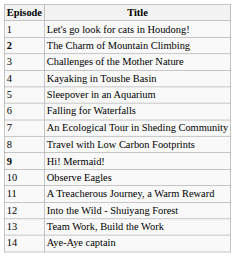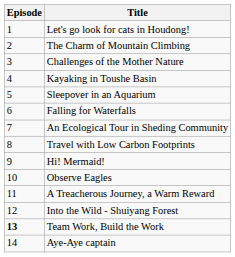 <table class="wikitable">
 <tr>
 <th>Episode</th>
 <th>Title</th>
 </tr>
 <tr>
 <td>1</td>
 <td>Let's go look for cats in Houdong!</td>
 </tr>
 <tr>
-<td><strong>2</strong></td>
+<td>2</td>
 <td>The Charm of Mountain Climbing</td>
 </tr>
 <tr>
 <td>3</td>
 <td>Challenges of the Mother Nature</td>
 </tr>
 <tr>
 <td>4</td>
 <td>Kayaking in Toushe Basin</td>
 </tr>
 <tr>
 <td>5</td>
 <td>Sleepover in an Aquarium</td>
 </tr>
 <tr>
 <td>6</td>
 <td>Falling for Waterfalls</td>
 </tr>
 <tr>
 <td>7</td>
 <td>An Ecological Tour in Sheding Community</td>
 </tr>
 <tr>
 <td>8</td>
 <td>Travel with  Low Carbon Footprints</td>
 </tr>
 <tr>
-<td><strong>9</strong></td>
+<td>9</td>
 <td>Hi! Mermaid!</td>
 </tr>
 <tr>
 <td>10</td>
 <td>Observe Eagles</td>
 </tr>
 <tr>
 <td>11</td>
 <td>A Treacherous Journey, a Warm Reward</td>
 </tr>
 <tr>
 <td>12</td>
 <td>Into the Wild - Shuiyang Forest</td>
 </tr>
 <tr>
-<td>13</td>
+<td><strong>13</strong></td>
 <td>Team Work,  Build the Work</td>
 </tr>
 <tr>
 <td>14</td>
 <td>Aye-Aye captain</td>
 </tr>
 </table>
